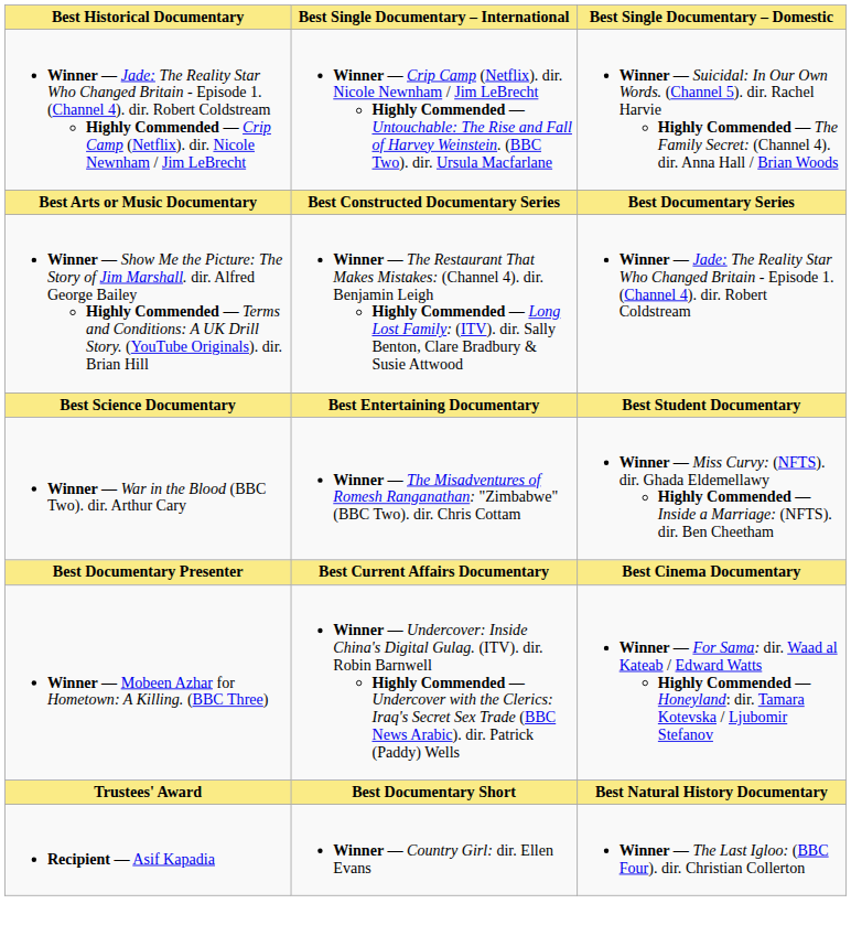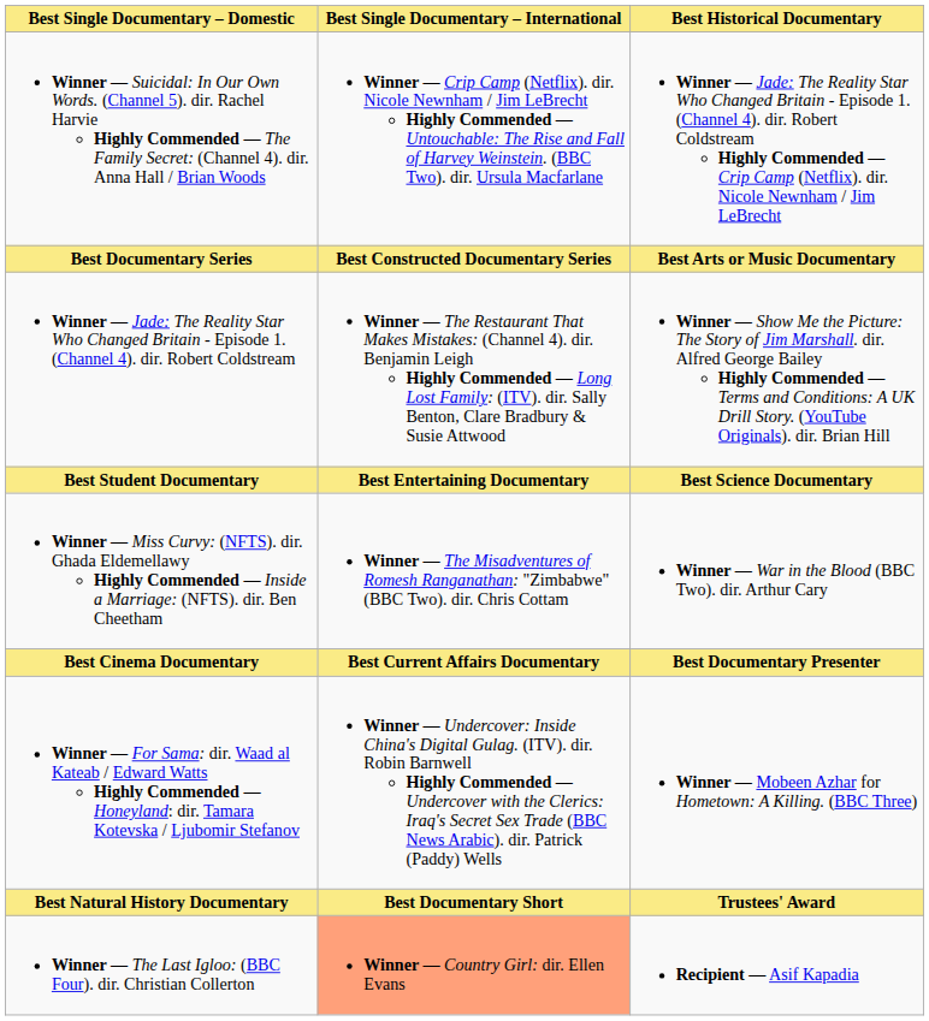 <table class="wikitable" style="font-size:100%">
 <tr>
+<th style="background:#FAEB86;" width="34%"><strong>Best Single Documentary – Domestic</strong></th>
+<th style="background:#FAEB86;" width="33%"><strong>Best Single Documentary – International</strong></th>
 <th style="background:#FAEB86;" width="33%"><strong>Best Historical Documentary</strong></th>
-<th style="background:#FAEB86;" width="33%"><strong>Best Single Documentary – International</strong></th>
-<th style="background:#FAEB86;" width="34%"><strong>Best Single Documentary – Domestic</strong></th>
 </tr>
 <tr>
+<td style="vertical-align:top"><br><ul><li><strong>Winner —</strong> <em>Suicidal: In Our Own Words.</em> (<a href='#'>Channel 5</a>). dir. Rachel Harvie<ul><li><strong>Highly Commended —</strong> <em>The Family Secret:</em> (Channel 4). dir. Anna Hall / <a href='#'>Brian Woods</a></li></ul></li></ul></td>
+<td style="vertical-align:top"><br><ul><li><strong>Winner —</strong> <em><a href='#'>Crip Camp</a></em> (<a href='#'>Netflix</a>). dir. <a href='#'>Nicole Newnham</a> / <a href='#'>Jim LeBrecht</a><ul><li><strong>Highly Commended —</strong> <em><a href='#'>Untouchable: The Rise and Fall of Harvey Weinstein</a>.</em> (<a href='#'>BBC Two</a>). dir. <a href='#'>Ursula Macfarlane</a></li></ul></li></ul></td>
 <td style="vertical-align:top"><br><ul><li><strong>Winner —</strong> <em><a href='#'>Jade:</a> The Reality Star Who Changed Britain</em> - Episode 1. (<a href='#'>Channel 4</a>). dir. Robert Coldstream<ul><li><strong>Highly Commended —</strong> <em><a href='#'>Crip Camp</a></em> (<a href='#'>Netflix</a>). dir. <a href='#'>Nicole Newnham</a> / <a href='#'>Jim LeBrecht</a></li></ul></li></ul></td>
-<td style="vertical-align:top"><br><ul><li><strong>Winner —</strong> <em><a href='#'>Crip Camp</a></em> (<a href='#'>Netflix</a>). dir. <a href='#'>Nicole Newnham</a> / <a href='#'>Jim LeBrecht</a><ul><li><strong>Highly Commended —</strong> <em><a href='#'>Untouchable: The Rise and Fall of Harvey Weinstein</a>.</em> (<a href='#'>BBC Two</a>). dir. <a href='#'>Ursula Macfarlane</a></li></ul></li></ul></td>
-<td style="vertical-align:top"><br><ul><li><strong>Winner —</strong> <em>Suicidal: In Our Own Words.</em> (<a href='#'>Channel 5</a>). dir. Rachel Harvie<ul><li><strong>Highly Commended —</strong> <em>The Family Secret:</em> (Channel 4). dir. Anna Hall / <a href='#'>Brian Woods</a></li></ul></li></ul></td>
 </tr>
 <tr>
+<th style="background:#FAEB86;" width="34%"><strong>Best Documentary Series</strong></th>
+<th style="background:#FAEB86;" width="33%"><strong>Best Constructed Documentary Series</strong></th>
 <th style="background:#FAEB86;" width="33%"><strong>Best Arts or Music Documentary</strong></th>
-<th style="background:#FAEB86;" width="33%"><strong>Best Constructed Documentary Series</strong></th>
-<th style="background:#FAEB86;" width="34%"><strong>Best Documentary Series</strong></th>
 </tr>
 <tr>
+<td style="vertical-align:top"><br><ul><li><strong>Winner —</strong> <em><a href='#'>Jade:</a> The Reality Star Who Changed Britain</em> - Episode 1. (<a href='#'>Channel 4</a>). dir. Robert Coldstream</li></ul></td>
+<td style="vertical-align:top"><br><ul><li><strong>Winner —</strong> <em>The Restaurant That Makes Mistakes:</em> (Channel 4). dir. Benjamin Leigh<ul><li><strong>Highly Commended —</strong> <em><a href='#'>Long Lost Family</a>:</em> (<a href='#'>ITV</a>). dir. Sally Benton, Clare Bradbury & Susie Attwood</li></ul></li></ul></td>
 <td style="vertical-align:top"><br><ul><li><strong>Winner —</strong> <em>Show Me the Picture: The Story of <a href='#'>Jim Marshall</a>.</em> dir. Alfred George Bailey<ul><li><strong>Highly Commended —</strong> <em>Terms and Conditions: A UK Drill Story.</em> (<a href='#'>YouTube Originals</a>). dir. Brian Hill</li></ul></li></ul></td>
-<td style="vertical-align:top"><br><ul><li><strong>Winner —</strong> <em>The Restaurant That Makes Mistakes:</em> (Channel 4). dir. Benjamin Leigh<ul><li><strong>Highly Commended —</strong> <em><a href='#'>Long Lost Family</a>:</em> (<a href='#'>ITV</a>). dir. Sally Benton, Clare Bradbury & Susie Attwood</li></ul></li></ul></td>
-<td style="vertical-align:top"><br><ul><li><strong>Winner —</strong> <em><a href='#'>Jade:</a> The Reality Star Who Changed Britain</em> - Episode 1. (<a href='#'>Channel 4</a>). dir. Robert Coldstream</li></ul></td>
 </tr>
 <tr>
+<th style="background:#FAEB86;" width="34%"><strong>Best Student Documentary</strong></th>
+<th style="background:#FAEB86;" width="34%"><strong>Best Entertaining Documentary</strong></th>
 <th style="background:#FAEB86;" width="34%"><strong>Best Science Documentary</strong></th>
-<th style="background:#FAEB86;" width="34%"><strong>Best Entertaining Documentary</strong></th>
-<th style="background:#FAEB86;" width="34%"><strong>Best Student Documentary</strong></th>
 </tr>
 <tr>
+<td><br><ul><li><strong>Winner —</strong> <em>Miss Curvy:</em> (<a href='#'>NFTS</a>). dir. Ghada Eldemellawy<ul><li><strong>Highly Commended —</strong> <em>Inside a Marriage:</em> (NFTS). dir. Ben Cheetham</li></ul></li></ul></td>
+<td><br><ul><li><strong>Winner —</strong> <em><a href='#'>The Misadventures of Romesh Ranganathan</a>:</em> "Zimbabwe" (BBC Two). dir. Chris Cottam</li></ul></td>
 <td><br><ul><li><strong>Winner —</strong> <em>War in the Blood</em> (BBC Two). dir. Arthur Cary</li></ul></td>
-<td><br><ul><li><strong>Winner —</strong> <em><a href='#'>The Misadventures of Romesh Ranganathan</a>:</em> "Zimbabwe" (BBC Two). dir. Chris Cottam</li></ul></td>
-<td><br><ul><li><strong>Winner —</strong> <em>Miss Curvy:</em> (<a href='#'>NFTS</a>). dir. Ghada Eldemellawy<ul><li><strong>Highly Commended —</strong> <em>Inside a Marriage:</em> (NFTS). dir. Ben Cheetham</li></ul></li></ul></td>
 </tr>
 <tr>
+<th style="background:#FAEB86;" width="34%"><strong>Best Cinema Documentary</strong></th>
+<th style="background:#FAEB86;" width="34%">Best Current Affairs Documentary</th>
 <th style="background:#FAEB86;" width="34%">Best Documentary Presenter</th>
-<th style="background:#FAEB86;" width="34%">Best Current Affairs Documentary</th>
-<th style="background:#FAEB86;" width="34%"><strong>Best Cinema Documentary</strong></th>
 </tr>
 <tr>
+<td><br><ul><li><strong>Winner —</strong> <em><a href='#'>For Sama</a>:</em> dir. <a href='#'>Waad al Kateab</a> / <a href='#'>Edward Watts</a><ul><li><strong>Highly Commended —</strong> <em><a href='#'>Honeyland</a></em>: dir. <a href='#'>Tamara Kotevska</a> / <a href='#'>Ljubomir Stefanov</a></li></ul></li></ul></td>
+<td><br><ul><li><strong>Winner —</strong> <em>Undercover: Inside China's Digital Gulag.</em> (ITV). dir. Robin Barnwell<ul><li><strong>Highly Commended —</strong> <em>Undercover with the Clerics: Iraq's Secret Sex Trade</em> (<a href='#'>BBC News Arabic</a>). dir. Patrick (Paddy) Wells</li></ul></li></ul></td>
 <td><br><ul><li><strong>Winner —</strong> <a href='#'>Mobeen Azhar</a> for <em>Hometown: A Killing.</em> (<a href='#'>BBC Three</a>)</li></ul></td>
-<td><br><ul><li><strong>Winner —</strong> <em>Undercover: Inside China's Digital Gulag.</em> (ITV). dir. Robin Barnwell<ul><li><strong>Highly Commended —</strong> <em>Undercover with the Clerics: Iraq's Secret Sex Trade</em> (<a href='#'>BBC News Arabic</a>). dir. Patrick (Paddy) Wells</li></ul></li></ul></td>
-<td><br><ul><li><strong>Winner —</strong> <em><a href='#'>For Sama</a>:</em> dir. <a href='#'>Waad al Kateab</a> / <a href='#'>Edward Watts</a><ul><li><strong>Highly Commended —</strong> <em><a href='#'>Honeyland</a></em>: dir. <a href='#'>Tamara Kotevska</a> / <a href='#'>Ljubomir Stefanov</a></li></ul></li></ul></td>
 </tr>
 <tr>
+<th style="background:#FAEB86;" width="34%"><strong>Best Natural History Documentary</strong></th>
+<th style="background:#FAEB86;" width="34%"><strong>Best Documentary Short</strong></th>
 <th style="background:#FAEB86;" width="34%"><strong>Trustees' Award</strong></th>
-<th style="background:#FAEB86;" width="34%"><strong>Best Documentary Short</strong></th>
-<th style="background:#FAEB86;" width="34%"><strong>Best Natural History Documentary</strong></th>
 </tr>
 <tr>
+<td><br><ul><li><strong>Winner —</strong> <em>The Last Igloo:</em> (<a href='#'>BBC Four</a>). dir. Christian Collerton</li></ul></td>
+<td style="background: lightsalmon;"><br><ul><li><strong>Winner —</strong> <em>Country Girl:</em> dir. Ellen Evans</li></ul></td>
 <td><br><ul><li><strong>Recipient —</strong> <a href='#'>Asif Kapadia</a></li></ul></td>
-<td><br><ul><li><strong>Winner —</strong> <em>Country Girl:</em> dir. Ellen Evans</li></ul></td>
-<td><br><ul><li><strong>Winner —</strong> <em>The Last Igloo:</em> (<a href='#'>BBC Four</a>). dir. Christian Collerton</li></ul></td>
 </tr>
 </table>
